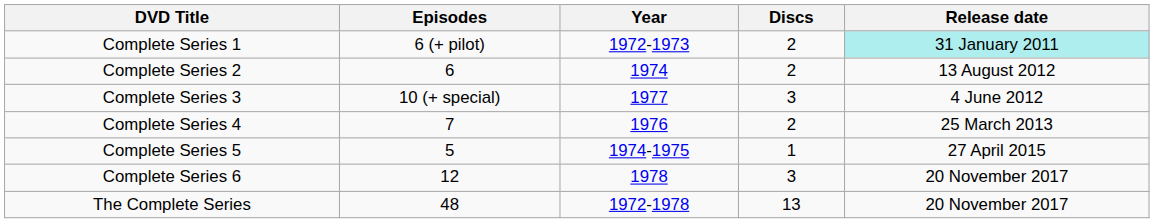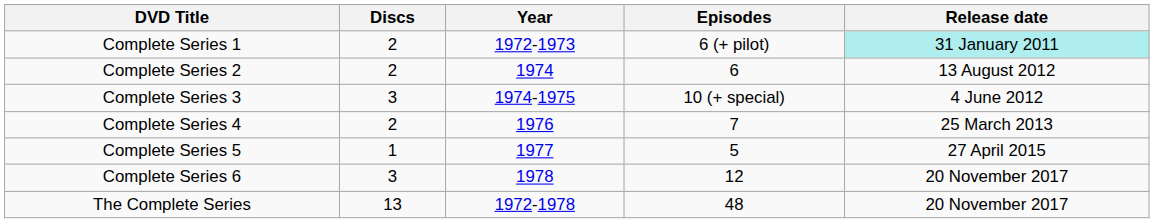 <table class="wikitable" width="55%" style="left: 0 auto; text-align: center;">
 <tr>
 <th>DVD Title</th>
+<th>Discs</th>
+<th>Year</th>
 <th>Episodes</th>
-<th>Year</th>
-<th>Discs</th>
 <th>Release date</th>
 </tr>
 <tr>
 <td>Complete Series 1</td>
+<td>2</td>
+<td><a href='#'>1972</a>-<a href='#'>1973</a></td>
 <td>6 (+ pilot)</td>
-<td><a href='#'>1972</a>-<a href='#'>1973</a></td>
-<td>2</td>
 <td style="background: paleturquoise;">31 January 2011</td>
 </tr>
 <tr>
 <td>Complete Series 2</td>
+<td>2</td>
+<td><a href='#'>1974</a></td>
 <td>6</td>
-<td><a href='#'>1974</a></td>
-<td>2</td>
 <td>13 August 2012</td>
 </tr>
 <tr>
 <td>Complete Series 3</td>
+<td>3</td>
+<td><a href='#'>1974</a>-<a href='#'>1975</a></td>
 <td>10 (+ special)</td>
-<td><a href='#'>1977</a></td>
-<td>3</td>
 <td>4 June 2012</td>
 </tr>
 <tr>
 <td>Complete Series 4</td>
+<td>2</td>
+<td><a href='#'>1976</a></td>
 <td>7</td>
-<td><a href='#'>1976</a></td>
-<td>2</td>
 <td>25 March 2013</td>
 </tr>
 <tr>
 <td>Complete Series 5</td>
+<td>1</td>
+<td><a href='#'>1977</a></td>
 <td>5</td>
-<td><a href='#'>1974</a>-<a href='#'>1975</a></td>
-<td>1</td>
 <td>27 April 2015</td>
 </tr>
 <tr>
 <td>Complete Series 6</td>
+<td>3</td>
+<td><a href='#'>1978</a></td>
 <td>12</td>
-<td><a href='#'>1978</a></td>
-<td>3</td>
 <td>20 November 2017</td>
 </tr>
 <tr>
 <td>The Complete Series</td>
+<td>13</td>
+<td><a href='#'>1972</a>-<a href='#'>1978</a></td>
 <td>48</td>
-<td><a href='#'>1972</a>-<a href='#'>1978</a></td>
-<td>13</td>
 <td>20 November 2017</td>
 </tr>
 </table>
